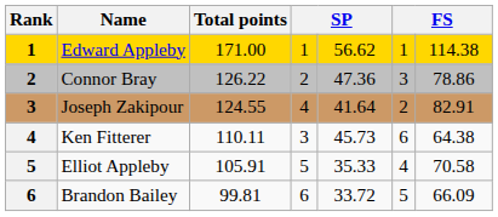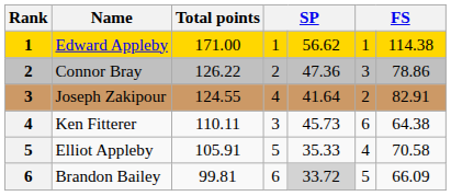 <table class="wikitable sortable">
 <tr>
 <th>Rank</th>
 <th>Name</th>
 <th>Total points</th>
 <th colspan="2" width="80px"><a href='#'>SP</a></th>
 <th colspan="2" width="80px"><a href='#'>FS</a></th>
 </tr>
 <tr bgcolor="gold">
 <td align="center"><strong>1</strong></td>
 <td><a href='#'>Edward Appleby</a></td>
 <td align="center">171.00</td>
 <td align="center">1</td>
 <td align="center">56.62</td>
 <td align="center">1</td>
 <td align="center">114.38</td>
 </tr>
 <tr bgcolor="silver">
 <td align="center"><strong>2</strong></td>
 <td>Connor Bray</td>
 <td align="center">126.22</td>
 <td align="center">2</td>
 <td align="center">47.36</td>
 <td align="center">3</td>
 <td align="center">78.86</td>
 </tr>
 <tr bgcolor="cc9966">
 <td align="center"><strong>3</strong></td>
 <td>Joseph Zakipour</td>
 <td align="center">124.55</td>
 <td align="center">4</td>
 <td align="center">41.64</td>
 <td align="center">2</td>
 <td align="center">82.91</td>
 </tr>
 <tr>
 <th>4</th>
 <td>Ken Fitterer</td>
 <td align="center">110.11</td>
 <td align="center">3</td>
 <td align="center">45.73</td>
 <td align="center">6</td>
 <td align="center">64.38</td>
 </tr>
 <tr>
 <th>5</th>
 <td>Elliot Appleby</td>
 <td align="center">105.91</td>
 <td align="center">5</td>
 <td align="center">35.33</td>
 <td align="center">4</td>
 <td align="center">70.58</td>
 </tr>
 <tr>
 <th>6</th>
 <td>Brandon Bailey</td>
 <td align="center">99.81</td>
 <td align="center">6</td>
-<td align="center">33.72</td>
+<td align="center" style="background: lightgrey;">33.72</td>
 <td align="center">5</td>
 <td align="center">66.09</td>
 </tr>
 </table>
